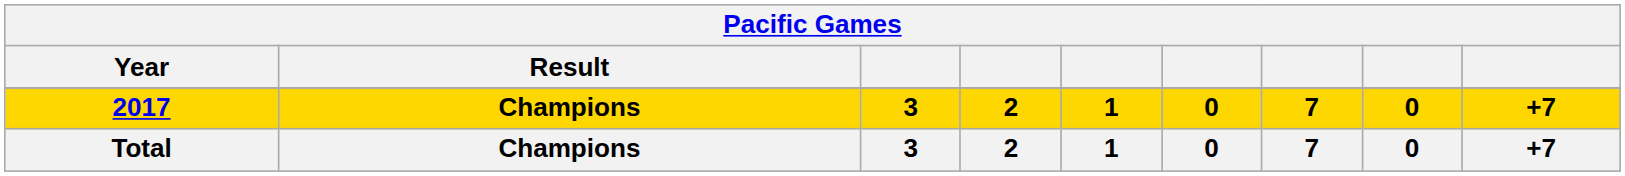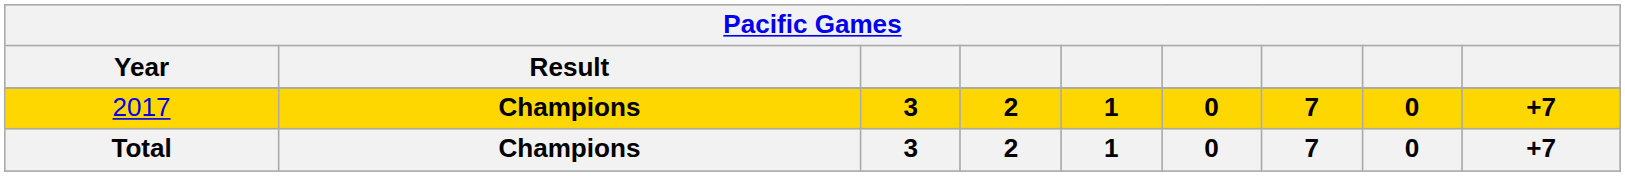 <table class="wikitable" style="text-align: center; width:50%;">
 <tr>
 <th colspan=10><a href='#'>Pacific Games</a></th>
 </tr>
 <tr>
 <th>Year</th>
 <th>Result</th>
 <th></th>
 <th></th>
 <th></th>
 <th></th>
 <th></th>
 <th></th>
 <th></th>
 </tr>
 <tr>
 </tr>
 <tr>
 </tr>
 <tr>
 </tr>
 <tr bgcolor=gold>
-<td><strong> <a href='#'>2017</a></strong></td>
+<td> <a href='#'>2017</a></td>
 <td><strong>Champions</strong></td>
 <td><strong>3</strong></td>
 <td><strong>2</strong></td>
 <td><strong>1</strong></td>
 <td><strong>0</strong></td>
 <td><strong>7</strong></td>
 <td><strong>0</strong></td>
 <td><strong>+7</strong></td>
 </tr>
 <tr>
 <th>Total</th>
 <th>Champions</th>
 <th>3</th>
 <th>2</th>
 <th>1</th>
 <th>0</th>
 <th>7</th>
 <th>0</th>
 <th>+7</th>
 </tr>
 </table>
